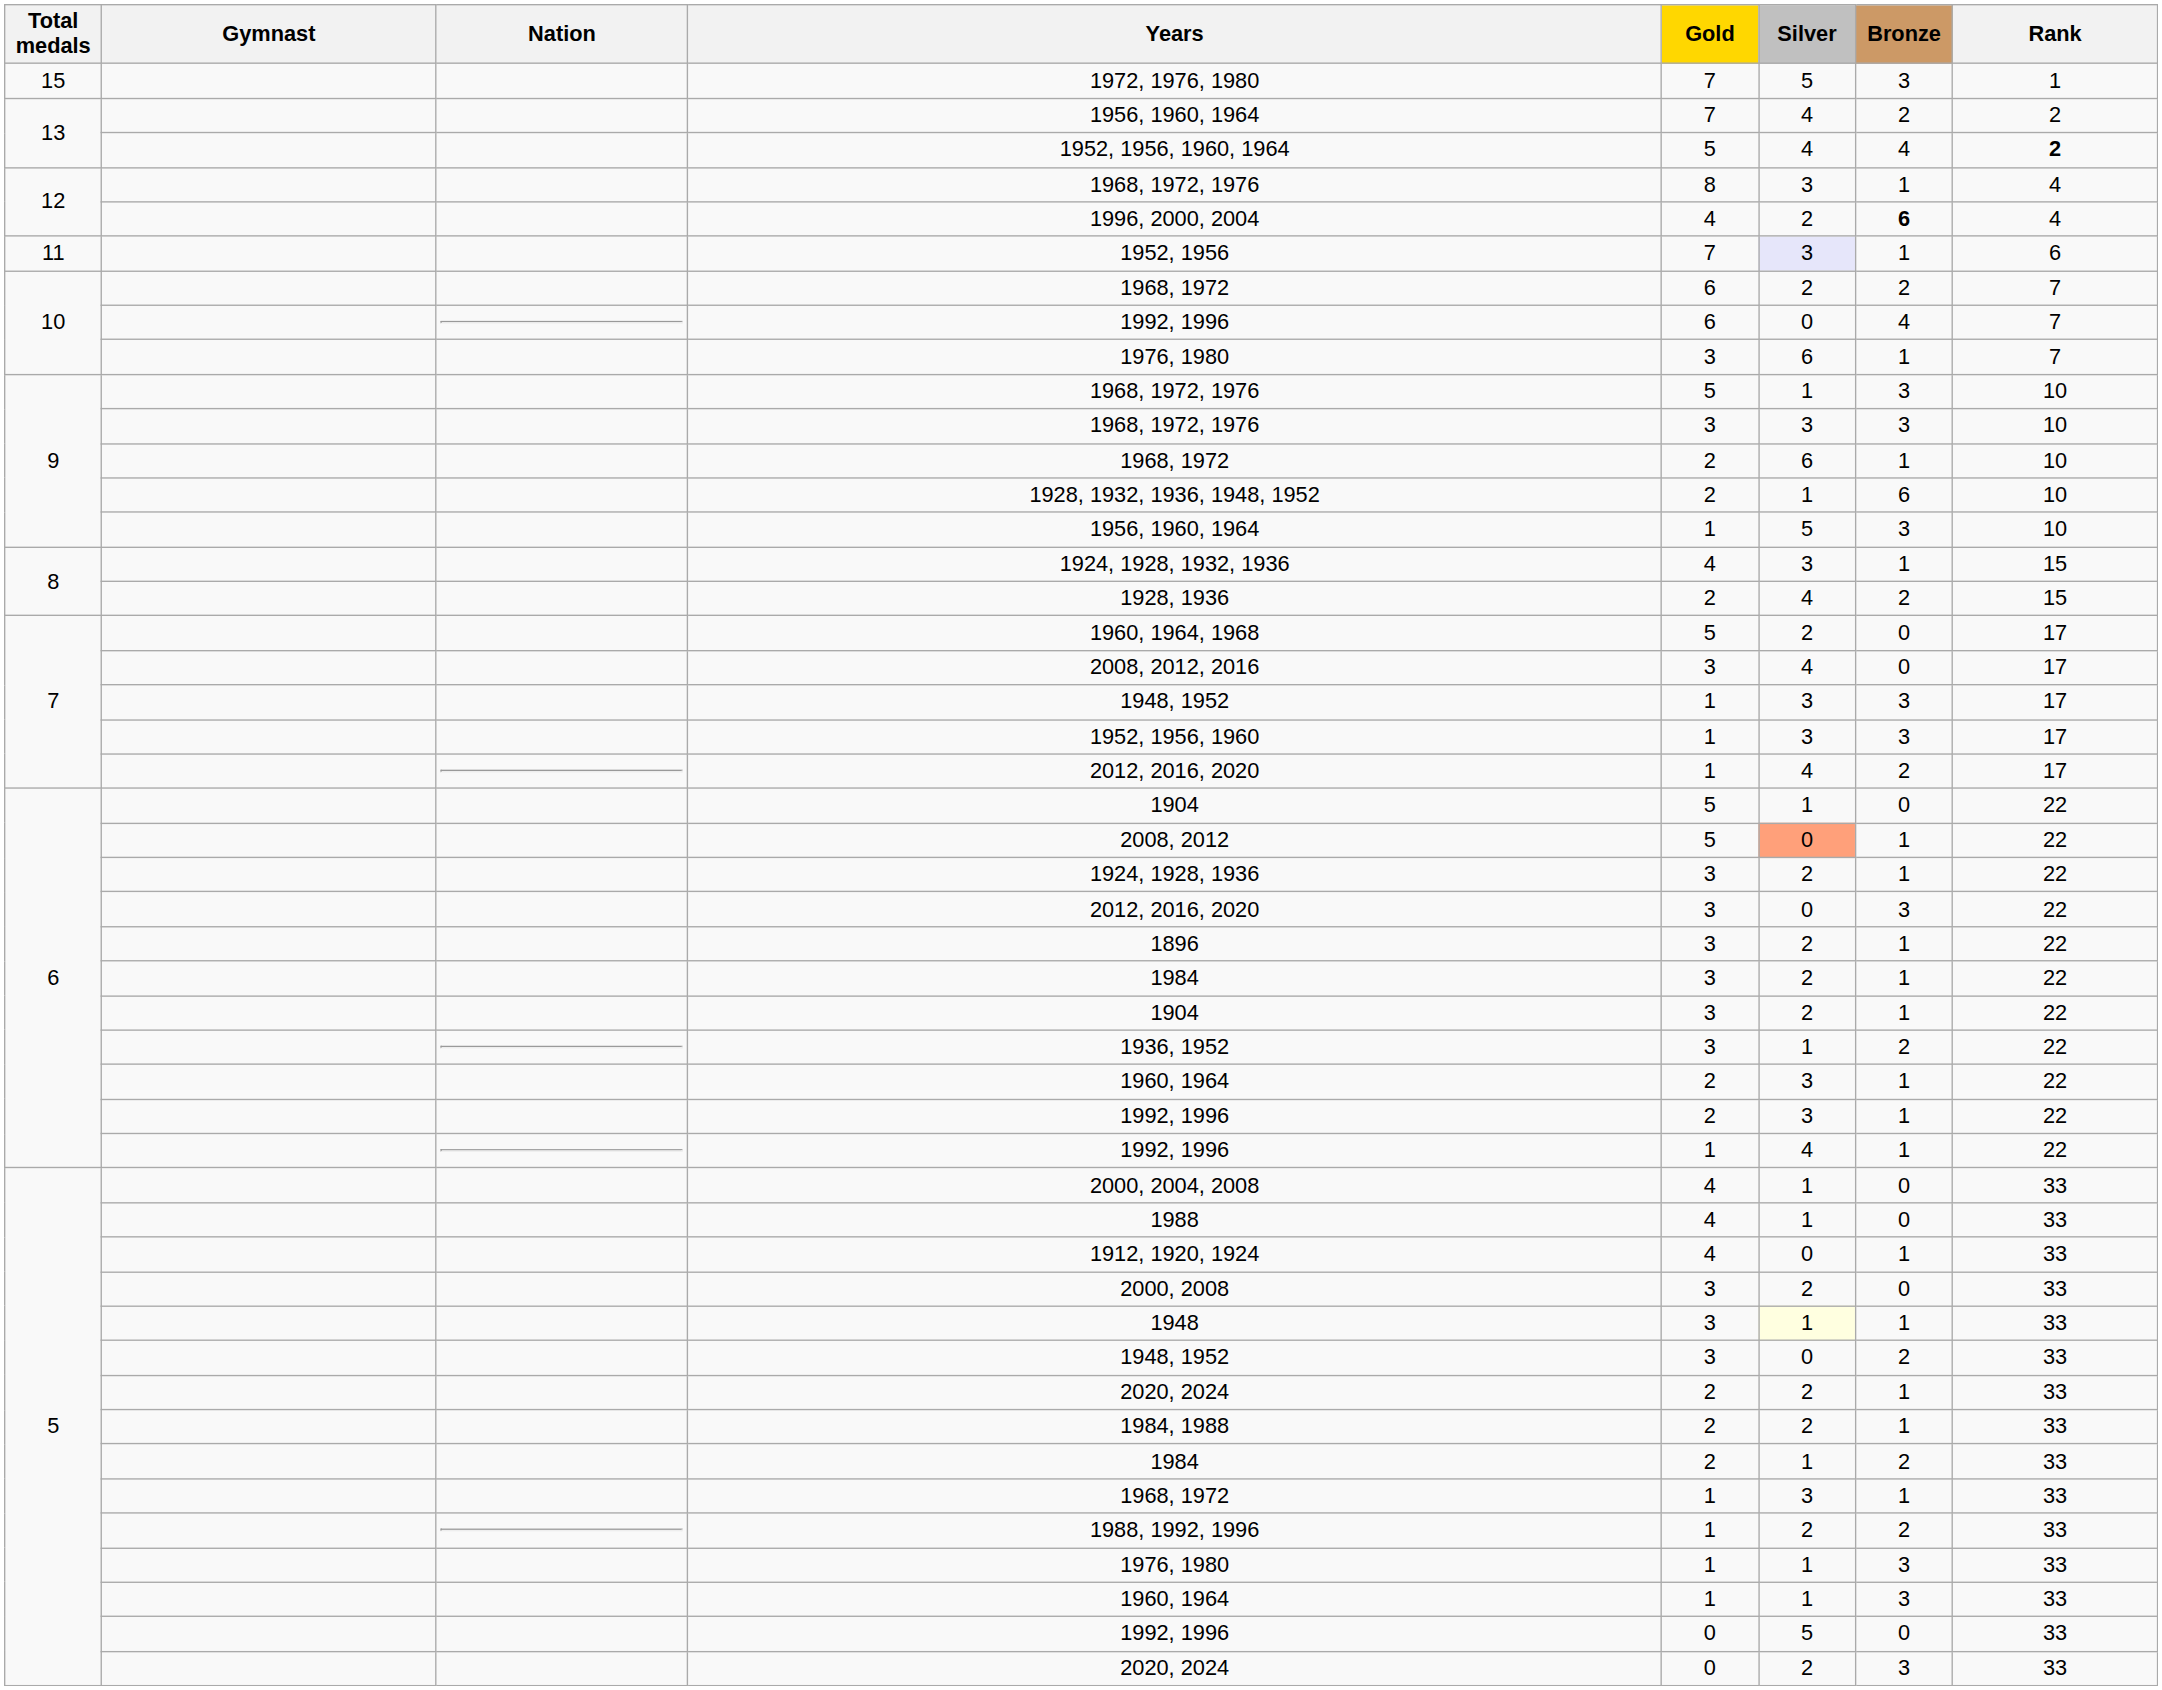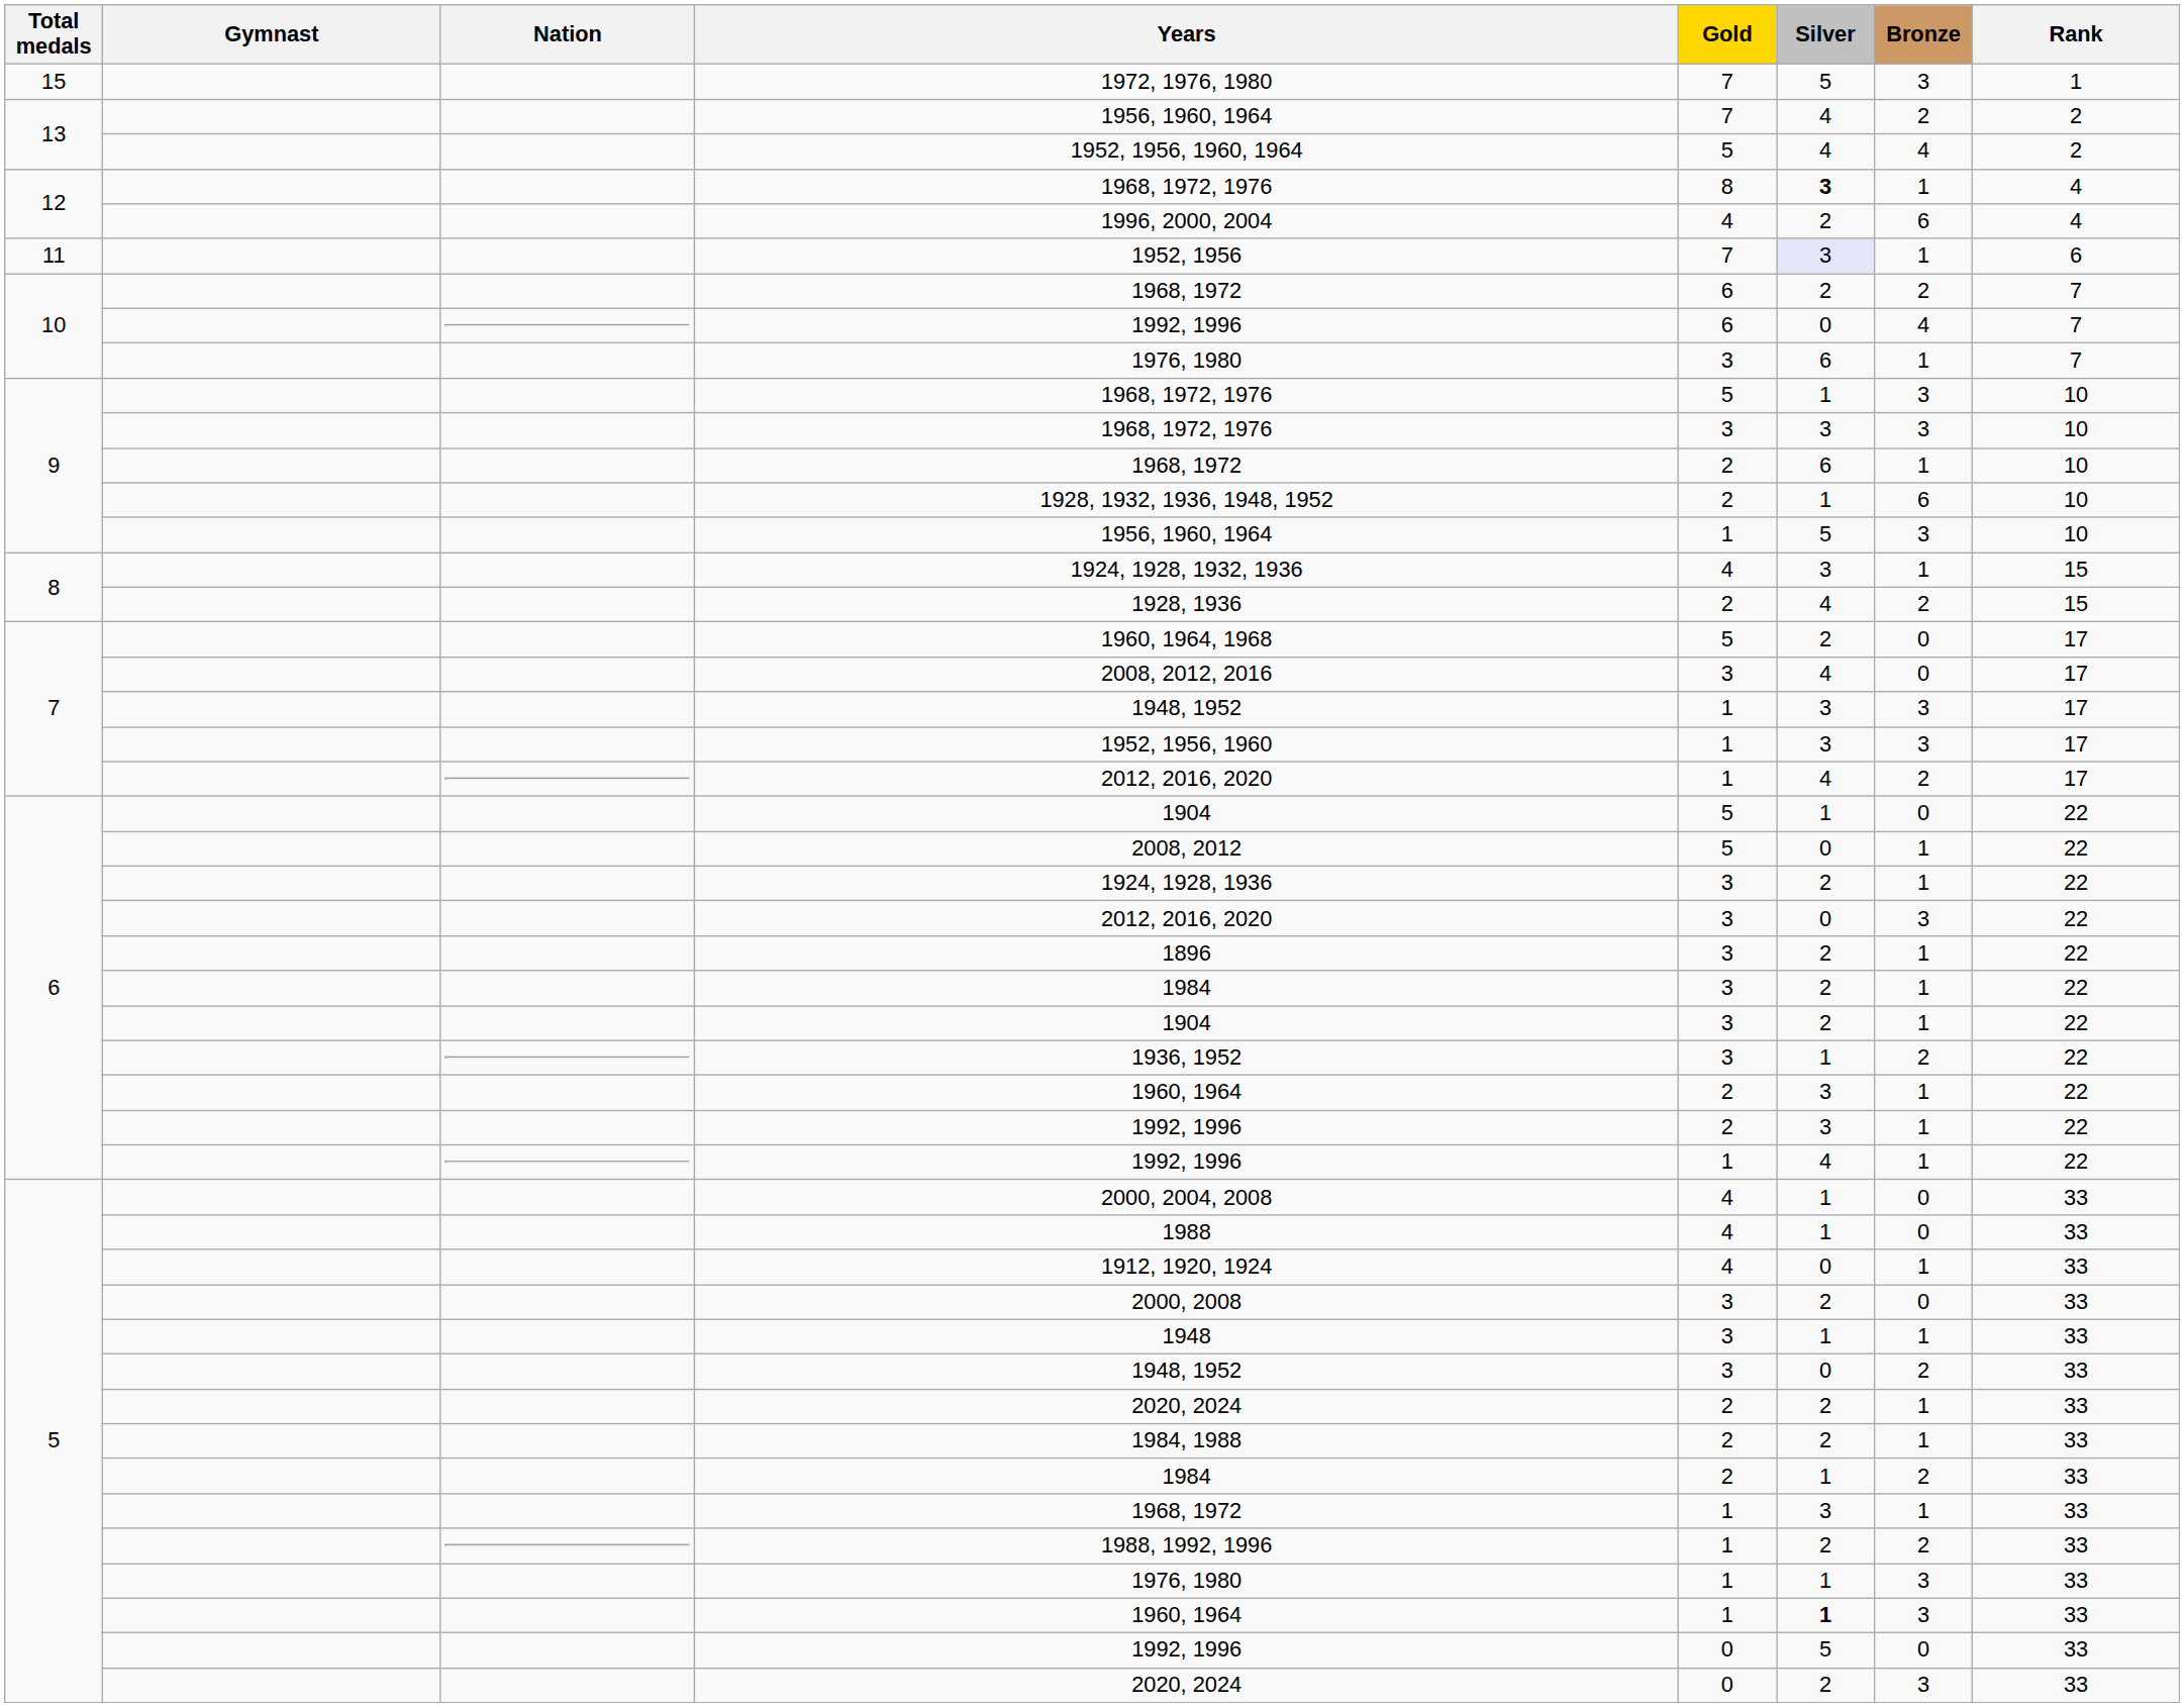 <table class="wikitable sortable" width=100% style="text-align:center;">
 <tr>
 <th style="width:4.0em;">Total medals</th>
 <th>Gymnast</th>
 <th>Nation</th>
 <th>Years</th>
 <th style="background-color:gold; width:4.0em; font-weight:bold;">Gold</th>
 <th style="background-color:silver; width:4.0em; font-weight:bold;">Silver</th>
 <th style="background-color:#cc9966; width:4.0em; font-weight:bold;">Bronze</th>
 <th>Rank</th>
 </tr>
 <tr>
 <td>15</td>
 <td align=left></td>
 <td align=left></td>
 <td>1972, 1976, 1980</td>
 <td>7</td>
 <td>5</td>
 <td>3</td>
 <td>1</td>
 </tr>
 <tr>
 <td rowspan=2>13</td>
 <td align=left></td>
 <td align=left></td>
 <td>1956, 1960, 1964</td>
 <td>7</td>
 <td>4</td>
 <td>2</td>
 <td>2</td>
 </tr>
 <tr>
 <td align=left></td>
 <td align=left></td>
 <td>1952, 1956, 1960, 1964</td>
 <td>5</td>
 <td>4</td>
 <td>4</td>
-<td><strong>2</strong></td>
+<td>2</td>
 </tr>
 <tr>
 <td rowspan=2>12</td>
 <td align=left></td>
 <td align=left></td>
 <td>1968, 1972, 1976</td>
 <td>8</td>
-<td>3</td>
+<td><strong>3</strong></td>
 <td>1</td>
 <td>4</td>
 </tr>
 <tr>
 <td align=left></td>
 <td align=left></td>
 <td>1996, 2000, 2004</td>
 <td>4</td>
 <td>2</td>
-<td><strong>6</strong></td>
+<td>6</td>
 <td>4</td>
 </tr>
 <tr>
 <td>11</td>
 <td align=left></td>
 <td align=left></td>
 <td>1952, 1956</td>
 <td>7</td>
 <td style="background: lavender;">3</td>
 <td>1</td>
 <td>6</td>
 </tr>
 <tr>
 <td rowspan=3>10</td>
 <td align=left></td>
 <td align=left></td>
 <td>1968, 1972</td>
 <td>6</td>
 <td>2</td>
 <td>2</td>
 <td>7</td>
 </tr>
 <tr>
 <td align=left></td>
 <td align=left><hr></td>
 <td>1992, 1996</td>
 <td>6</td>
 <td>0</td>
 <td>4</td>
 <td>7</td>
 </tr>
 <tr>
 <td align=left></td>
 <td align=left></td>
 <td>1976, 1980</td>
 <td>3</td>
 <td>6</td>
 <td>1</td>
 <td>7</td>
 </tr>
 <tr>
 <td rowspan=5>9</td>
 <td align=left></td>
 <td align=left></td>
 <td>1968, 1972, 1976</td>
 <td>5</td>
 <td>1</td>
 <td>3</td>
 <td>10</td>
 </tr>
 <tr>
 <td align=left></td>
 <td align=left></td>
 <td>1968, 1972, 1976</td>
 <td>3</td>
 <td>3</td>
 <td>3</td>
 <td>10</td>
 </tr>
 <tr>
 <td align=left></td>
 <td align=left></td>
 <td>1968, 1972</td>
 <td>2</td>
 <td>6</td>
 <td>1</td>
 <td>10</td>
 </tr>
 <tr>
 <td align=left></td>
 <td align=left></td>
 <td>1928, 1932, 1936, 1948, 1952</td>
 <td>2</td>
 <td>1</td>
 <td>6</td>
 <td>10</td>
 </tr>
 <tr>
 <td align=left></td>
 <td align=left></td>
 <td>1956, 1960, 1964</td>
 <td>1</td>
 <td>5</td>
 <td>3</td>
 <td>10</td>
 </tr>
 <tr>
 <td rowspan=2>8</td>
 <td align=left></td>
 <td align=left></td>
 <td>1924, 1928, 1932, 1936</td>
 <td>4</td>
 <td>3</td>
 <td>1</td>
 <td>15</td>
 </tr>
 <tr>
 <td align=left></td>
 <td align=left></td>
 <td>1928, 1936</td>
 <td>2</td>
 <td>4</td>
 <td>2</td>
 <td>15</td>
 </tr>
 <tr>
 <td rowspan=5>7</td>
 <td align=left></td>
 <td align=left></td>
 <td>1960, 1964, 1968</td>
 <td>5</td>
 <td>2</td>
 <td>0</td>
 <td>17</td>
 </tr>
 <tr>
 <td align=left></td>
 <td align=left></td>
 <td>2008, 2012, 2016</td>
 <td>3</td>
 <td>4</td>
 <td>0</td>
 <td>17</td>
 </tr>
 <tr>
 <td align=left></td>
 <td align=left></td>
 <td>1948, 1952</td>
 <td>1</td>
 <td>3</td>
 <td>3</td>
 <td>17</td>
 </tr>
 <tr>
 <td align=left></td>
 <td align=left></td>
 <td>1952, 1956, 1960</td>
 <td>1</td>
 <td>3</td>
 <td>3</td>
 <td>17</td>
 </tr>
 <tr>
 <td align=left></td>
 <td align=left><hr></td>
 <td>2012, 2016, 2020</td>
 <td>1</td>
 <td>4</td>
 <td>2</td>
 <td>17</td>
 </tr>
 <tr>
 <td rowspan=11>6</td>
 <td align=left></td>
 <td align=left></td>
 <td>1904</td>
 <td>5</td>
 <td>1</td>
 <td>0</td>
 <td>22</td>
 </tr>
 <tr>
 <td align=left></td>
 <td align=left></td>
 <td>2008, 2012</td>
 <td>5</td>
-<td style="background: lightsalmon;">0</td>
+<td>0</td>
 <td>1</td>
 <td>22</td>
 </tr>
 <tr>
 <td align=left></td>
 <td align=left></td>
 <td>1924, 1928, 1936</td>
 <td>3</td>
 <td>2</td>
 <td>1</td>
 <td>22</td>
 </tr>
 <tr>
 <td align=left></td>
 <td align=left></td>
 <td>2012, 2016, 2020</td>
 <td>3</td>
 <td>0</td>
 <td>3</td>
 <td>22</td>
 </tr>
 <tr>
 <td align=left></td>
 <td align=left></td>
 <td>1896</td>
 <td>3</td>
 <td>2</td>
 <td>1</td>
 <td>22</td>
 </tr>
 <tr>
 <td align=left></td>
 <td align=left></td>
 <td>1984</td>
 <td>3</td>
 <td>2</td>
 <td>1</td>
 <td>22</td>
 </tr>
 <tr>
 <td align=left></td>
 <td align=left></td>
 <td>1904</td>
 <td>3</td>
 <td>2</td>
 <td>1</td>
 <td>22</td>
 </tr>
 <tr>
 <td align=left></td>
 <td align=left><hr></td>
 <td>1936, 1952</td>
 <td>3</td>
 <td>1</td>
 <td>2</td>
 <td>22</td>
 </tr>
 <tr>
 <td align=left></td>
 <td align=left></td>
 <td>1960, 1964</td>
 <td>2</td>
 <td>3</td>
 <td>1</td>
 <td>22</td>
 </tr>
 <tr>
 <td align=left></td>
 <td align=left></td>
 <td>1992, 1996</td>
 <td>2</td>
 <td>3</td>
 <td>1</td>
 <td>22</td>
 </tr>
 <tr>
 <td align=left></td>
 <td align=left><hr></td>
 <td>1992, 1996</td>
 <td>1</td>
 <td>4</td>
 <td>1</td>
 <td>22</td>
 </tr>
 <tr>
 <td rowspan=15>5</td>
 <td align=left></td>
 <td align=left></td>
 <td>2000, 2004, 2008</td>
 <td>4</td>
 <td>1</td>
 <td>0</td>
 <td>33</td>
 </tr>
 <tr>
 <td align=left></td>
 <td align=left></td>
 <td>1988</td>
 <td>4</td>
 <td>1</td>
 <td>0</td>
 <td>33</td>
 </tr>
 <tr>
 <td align=left></td>
 <td align=left></td>
 <td>1912, 1920, 1924</td>
 <td>4</td>
 <td>0</td>
 <td>1</td>
 <td>33</td>
 </tr>
 <tr>
 <td align=left></td>
 <td align=left></td>
 <td>2000, 2008</td>
 <td>3</td>
 <td>2</td>
 <td>0</td>
 <td>33</td>
 </tr>
 <tr>
 <td align=left></td>
 <td align=left></td>
 <td>1948</td>
 <td>3</td>
-<td style="background: lightyellow;">1</td>
+<td>1</td>
 <td>1</td>
 <td>33</td>
 </tr>
 <tr>
 <td align=left></td>
 <td align=left></td>
 <td>1948, 1952</td>
 <td>3</td>
 <td>0</td>
 <td>2</td>
 <td>33</td>
 </tr>
 <tr>
 <td align=left></td>
 <td align=left></td>
 <td>2020, 2024</td>
 <td>2</td>
 <td>2</td>
 <td>1</td>
 <td>33</td>
 </tr>
 <tr>
 <td align=left></td>
 <td align=left></td>
 <td>1984, 1988</td>
 <td>2</td>
 <td>2</td>
 <td>1</td>
 <td>33</td>
 </tr>
 <tr>
 <td align=left></td>
 <td align=left></td>
 <td>1984</td>
 <td>2</td>
 <td>1</td>
 <td>2</td>
 <td>33</td>
 </tr>
 <tr>
 <td align=left></td>
 <td align=left></td>
 <td>1968, 1972</td>
 <td>1</td>
 <td>3</td>
 <td>1</td>
 <td>33</td>
 </tr>
 <tr>
 <td align=left></td>
 <td align=left><hr></td>
 <td>1988, 1992, 1996</td>
 <td>1</td>
 <td>2</td>
 <td>2</td>
 <td>33</td>
 </tr>
 <tr>
 <td align=left></td>
 <td align=left></td>
 <td>1976, 1980</td>
 <td>1</td>
 <td>1</td>
 <td>3</td>
 <td>33</td>
 </tr>
 <tr>
 <td align=left></td>
 <td align=left></td>
 <td>1960, 1964</td>
 <td>1</td>
-<td>1</td>
+<td><strong>1</strong></td>
 <td>3</td>
 <td>33</td>
 </tr>
 <tr>
 <td align=left></td>
 <td align=left></td>
 <td>1992, 1996</td>
 <td>0</td>
 <td>5</td>
 <td>0</td>
 <td>33</td>
 </tr>
 <tr>
 <td align=left></td>
 <td align=left></td>
 <td>2020, 2024</td>
 <td>0</td>
 <td>2</td>
 <td>3</td>
 <td>33</td>
 </tr>
 </table>
